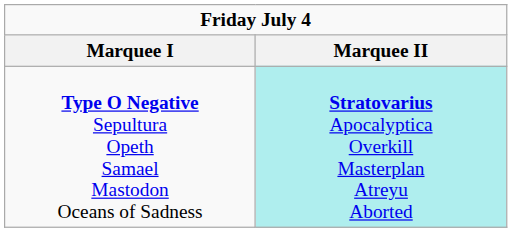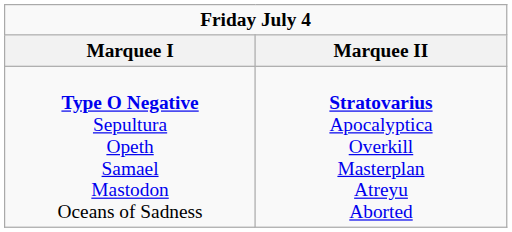 <table class="wikitable">
 <tr>
 <td colspan="3" style="text-align:center;"><strong>Friday July 4</strong></td>
 </tr>
 <tr>
 <th>Marquee I</th>
 <th>Marquee II</th>
 </tr>
 <tr>
 <td style="text-align:center; vertical-align:top; width:200px;"><br><strong><a href='#'>Type O Negative</a></strong> <br><a href='#'>Sepultura</a> <br><a href='#'>Opeth</a> <br><a href='#'>Samael</a> <br><a href='#'>Mastodon</a> <br>Oceans of Sadness</td>
-<td style="background: paleturquoise; text-align:center; vertical-align:top; width:200px;"><br><strong><a href='#'>Stratovarius</a></strong> <br><a href='#'>Apocalyptica</a> <br><a href='#'>Overkill</a> <br><a href='#'>Masterplan</a> <br><a href='#'>Atreyu</a> <br><a href='#'>Aborted</a></td>
+<td style="text-align:center; vertical-align:top; width:200px;"><br><strong><a href='#'>Stratovarius</a></strong> <br><a href='#'>Apocalyptica</a> <br><a href='#'>Overkill</a> <br><a href='#'>Masterplan</a> <br><a href='#'>Atreyu</a> <br><a href='#'>Aborted</a></td>
 </tr>
 </table>
